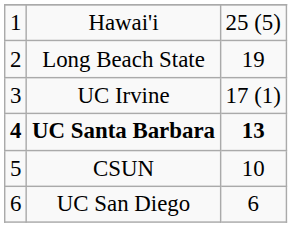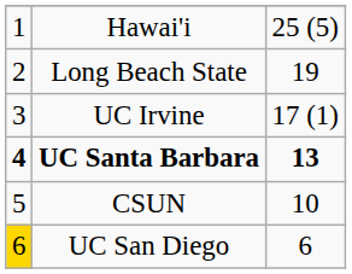 <table class="wikitable">
 <tr align="center">
 </tr>
 <tr align="center">
 <td>1</td>
 <td>Hawai'i</td>
 <td>25 (5)</td>
 </tr>
 <tr align="center">
 <td>2</td>
 <td>Long Beach State</td>
 <td>19</td>
 </tr>
 <tr align="center">
 <td>3</td>
 <td>UC Irvine</td>
 <td>17 (1)</td>
 </tr>
 <tr align="center">
 <td><strong>4</strong></td>
 <td><strong>UC Santa Barbara</strong></td>
 <td><strong>13</strong></td>
 </tr>
 <tr align="center">
 <td>5</td>
 <td>CSUN</td>
 <td>10</td>
 </tr>
 <tr align="center">
-<td>6</td>
+<td style="background: gold;">6</td>
 <td>UC San Diego</td>
 <td>6</td>
 </tr>
 </table>
